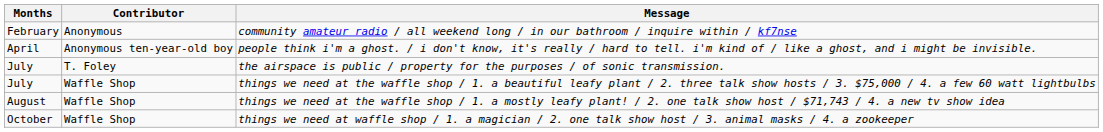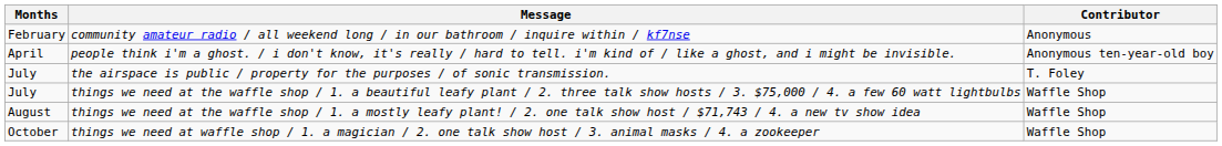 <table class="wikitable">
 <tr>
 <th>Months</th>
+<th>Message</th>
 <th>Contributor</th>
-<th>Message</th>
 </tr>
 <tr>
 <td>February</td>
+<td><em>community <a href='#'>amateur radio</a> / all weekend long / in our bathroom / inquire within / <a href='#'>kf7nse</a></em></td>
 <td>Anonymous</td>
-<td><em>community <a href='#'>amateur radio</a> / all weekend long / in our bathroom / inquire within / <a href='#'>kf7nse</a></em></td>
 </tr>
 <tr>
 <td>April</td>
+<td><em>people think i'm a ghost. / i don't know, it's really / hard to tell. i'm kind of / like a ghost, and i might be invisible.</em></td>
 <td>Anonymous ten-year-old boy</td>
-<td><em>people think i'm a ghost. / i don't know, it's really / hard to tell. i'm kind of / like a ghost, and i might be invisible.</em></td>
 </tr>
 <tr>
 <td>July</td>
+<td><em>the airspace is public / property for the purposes / of sonic transmission.</em></td>
 <td>T. Foley</td>
-<td><em>the airspace is public / property for the purposes / of sonic transmission.</em></td>
 </tr>
 <tr>
 <td>July</td>
+<td><em>things we need at the waffle shop / 1. a beautiful leafy plant / 2. three talk show hosts / 3. $75,000 / 4. a few 60 watt lightbulbs</em></td>
 <td>Waffle Shop</td>
-<td><em>things we need at the waffle shop / 1. a beautiful leafy plant / 2. three talk show hosts / 3. $75,000 / 4. a few 60 watt lightbulbs</em></td>
 </tr>
 <tr>
 <td>August</td>
+<td><em>things we need at the waffle shop / 1. a mostly leafy plant! / 2. one talk show host / $71,743 / 4. a new tv show idea</em></td>
 <td>Waffle Shop</td>
-<td><em>things we need at the waffle shop / 1. a mostly leafy plant! / 2. one talk show host / $71,743 / 4. a new tv show idea</em></td>
 </tr>
 <tr>
 <td>October</td>
+<td><em>things we need at waffle shop / 1. a magician / 2. one talk show host / 3. animal masks / 4. a zookeeper</em></td>
 <td>Waffle Shop</td>
-<td><em>things we need at waffle shop / 1. a magician / 2. one talk show host / 3. animal masks / 4. a zookeeper</em></td>
 </tr>
 </table>
